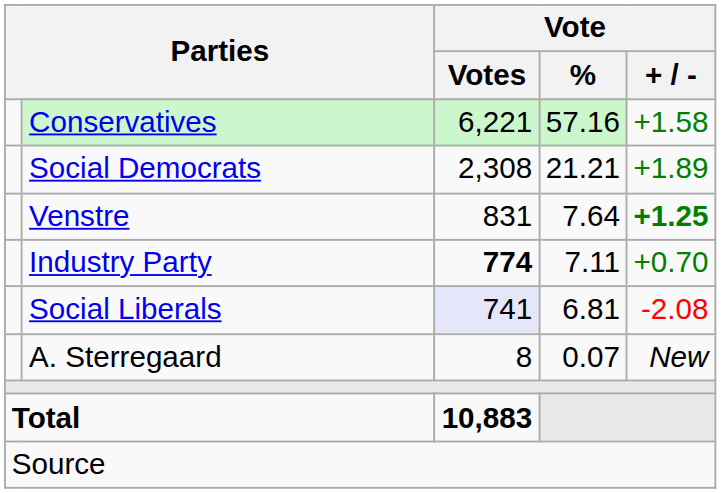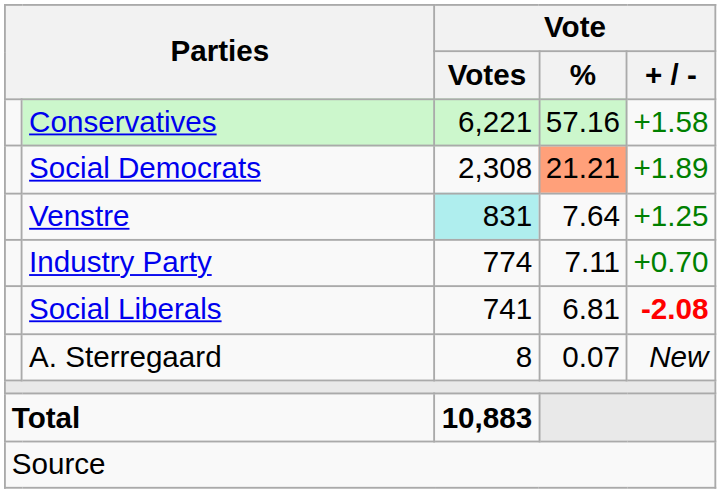 <table class="wikitable" style="text-align:right;">
 <tr>
 <th style="text-align:centre;" rowspan="2" colspan="2" width="225">Parties</th>
 <th colspan="3">Vote</th>
 </tr>
 <tr>
 <th width="15">Votes</th>
 <th width="15">%</th>
 <th width="15">+ / -</th>
 </tr>
 <tr>
 <td width="2" style="color:inherit;background:"></td>
 <td bgcolor=#ccf7cc  align="left"><a href='#'>Conservatives</a></td>
 <td bgcolor=#ccf7cc>6,221</td>
 <td bgcolor=#ccf7cc>57.16</td>
 <td style=color:green;>+1.58</td>
 </tr>
 <tr>
 <td width="2" style="color:inherit;background:"></td>
 <td align="left"><a href='#'>Social Democrats</a></td>
 <td>2,308</td>
-<td>21.21</td>
+<td style="background: lightsalmon;">21.21</td>
 <td style=color:green;>+1.89</td>
 </tr>
 <tr>
 <td width="2" style="color:inherit;background:"></td>
 <td align="left"><a href='#'>Venstre</a></td>
-<td>831</td>
+<td style="background: paleturquoise;">831</td>
 <td>7.64</td>
-<td style=color:green;><strong>+1.25</strong></td>
+<td style=color:green;>+1.25</td>
 </tr>
 <tr>
 <td width="2" style="color:inherit;background:"></td>
 <td align="left"><a href='#'>Industry Party</a></td>
-<td><strong>774</strong></td>
+<td>774</td>
 <td>7.11</td>
 <td style=color:green;>+0.70</td>
 </tr>
 <tr>
 <td width="2" style="color:inherit;background:"></td>
 <td align="left"><a href='#'>Social Liberals</a></td>
-<td style="background: lavender;">741</td>
+<td>741</td>
 <td>6.81</td>
-<td style=color:red;>-2.08</td>
+<td style=color:red;><strong>-2.08</strong></td>
 </tr>
 <tr>
 <td width="2" style="color:inherit;background:"></td>
 <td align="left">A. Sterregaard</td>
 <td>8</td>
 <td>0.07</td>
 <td><em>New</em></td>
 </tr>
 <tr>
 <td colspan="7" bgcolor="#E9E9E9"></td>
 </tr>
 <tr>
 <td align="left" colspan="2"><strong>Total</strong></td>
 <td><strong>10,883</strong></td>
 <td bgcolor="#E9E9E9" colspan="2"></td>
 </tr>
 <tr>
 <td align="left" colspan="6">Source</td>
 </tr>
 </table>
